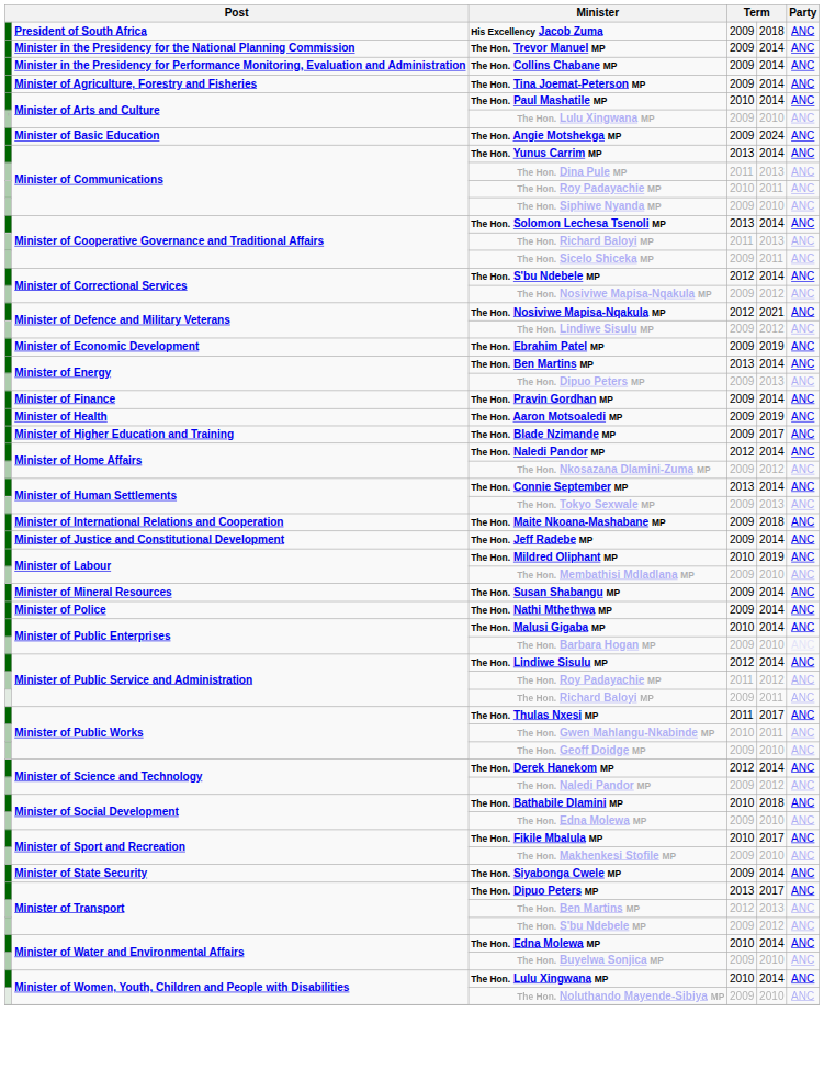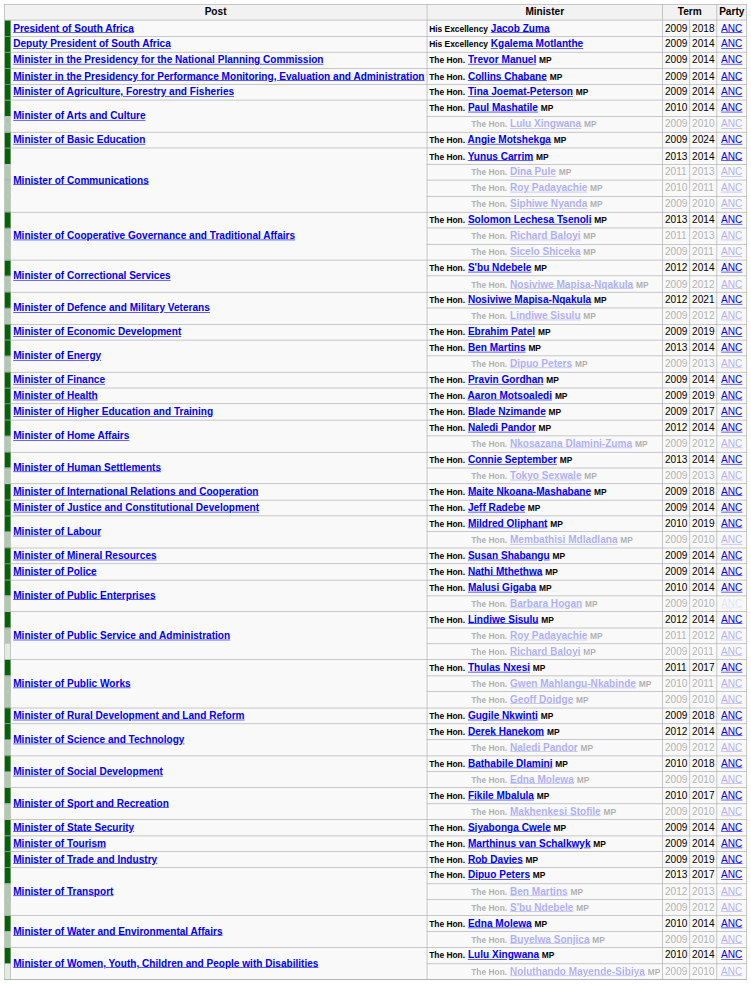 <table class="wikitable collapsible">
 <tr>
 <th colspan=2>Post</th>
 <th>Minister</th>
 <th colspan=2>Term</th>
 <th>Party</th>
 </tr>
 <tr>
 <td style="width:1px;; background:#006600;"></td>
 <td><strong><a href='#'>President of South Africa</a></strong></td>
 <td><strong><small>His Excellency</small> <a href='#'>Jacob Zuma</a></strong></td>
 <td>2009</td>
 <td align="center">2018</td>
+<td align="center"><a href='#'>ANC</a></td>
+</tr>
+<tr>
+<td style="width:1px;; background:#006600;"></td>
+<td><strong><a href='#'>Deputy President of South Africa</a></strong></td>
+<td><strong><small>His Excellency</small> <a href='#'>Kgalema Motlanthe</a></strong></td>
+<td>2009</td>
+<td>2014</td>
 <td align="center"><a href='#'>ANC</a></td>
 </tr>
 <tr>
 <td style="width:1px;; background:#006600;"></td>
 <td><strong><a href='#'>Minister in the Presidency for the National Planning Commission</a></strong></td>
 <td><strong><small>The Hon.</small> <a href='#'>Trevor Manuel</a> <small>MP</small></strong></td>
 <td>2009</td>
 <td>2014</td>
 <td align="center"><a href='#'>ANC</a></td>
 </tr>
 <tr>
 <td style="width:1px;; background:#006600;"></td>
 <td><strong><a href='#'>Minister in the Presidency for Performance Monitoring, Evaluation and Administration</a></strong></td>
 <td><strong><small>The Hon.</small> <a href='#'>Collins Chabane</a> <small>MP</small></strong></td>
 <td>2009</td>
 <td>2014</td>
 <td align="center"><a href='#'>ANC</a></td>
 </tr>
 <tr>
 <td style="width:1px;; background:#006600;"></td>
 <td><strong><a href='#'>Minister of Agriculture, Forestry and Fisheries</a></strong></td>
 <td><strong><small>The Hon.</small> <a href='#'>Tina Joemat-Peterson</a> <small>MP</small></strong></td>
 <td>2009</td>
 <td>2014</td>
 <td align="center"><a href='#'>ANC</a></td>
 </tr>
 <tr>
 <td style="width:1px;; background:#006600;"></td>
 <td rowspan=2><strong><a href='#'>Minister of Arts and Culture</a></strong></td>
 <td><strong><small>The Hon.</small> <a href='#'>Paul Mashatile</a> <small>MP</small></strong></td>
 <td>2010</td>
 <td>2014</td>
 <td align="center"><a href='#'>ANC</a></td>
 </tr>
 <tr style="opacity:.3;">
 <td style="width:1px; border-width:0px; background:#006600;border-color:10px solid white">'</td>
 <td style="padding-left:70px"><strong><small>The Hon.</small> <a href='#'>Lulu Xingwana</a> <small>MP</small></strong></td>
 <td>2009</td>
 <td>2010</td>
 <td align="center"><a href='#'>ANC</a></td>
 </tr>
 <tr>
 <td style="width:1px;; background:#006600;"></td>
 <td><strong><a href='#'>Minister of Basic Education</a></strong></td>
 <td><strong><small>The Hon.</small> <a href='#'>Angie Motshekga</a> <small>MP</small></strong></td>
 <td>2009</td>
 <td align="center">2024</td>
 <td align="center"><a href='#'>ANC</a></td>
 </tr>
 <tr>
 <td style="width:1px;; background:#006600;"></td>
 <td rowspan=4><strong><a href='#'>Minister of Communications</a></strong></td>
 <td><strong><small>The Hon.</small> <a href='#'>Yunus Carrim</a> <small>MP</small></strong></td>
 <td>2013</td>
 <td>2014</td>
 <td align="center"><a href='#'>ANC</a></td>
 </tr>
 <tr style="opacity:.3;">
 <td style="width:1px;; background:#006600;"></td>
 <td style="padding-left:70px"><strong><small>The Hon.</small> <a href='#'>Dina Pule</a> <small>MP</small></strong></td>
 <td>2011</td>
 <td>2013</td>
 <td align="center"><a href='#'>ANC</a></td>
 </tr>
 <tr style="opacity:.3;">
 <td style="width:1px;; background:#006600;"></td>
 <td style="padding-left:70px"><strong><small>The Hon.</small> <a href='#'>Roy Padayachie</a> <small>MP</small></strong></td>
 <td>2010</td>
 <td>2011</td>
 <td align="center"><a href='#'>ANC</a></td>
 </tr>
 <tr style="opacity:.3;">
 <td style="width:1px; background:#006600;"></td>
 <td style="padding-left:70px"><strong><small>The Hon.</small> <a href='#'>Siphiwe Nyanda</a> <small>MP</small></strong></td>
 <td>2009</td>
 <td>2010</td>
 <td align="center"><a href='#'>ANC</a></td>
 </tr>
 <tr>
 <td style="width:1px;; background:#006600;"></td>
 <td rowspan=3><strong><a href='#'>Minister of Cooperative Governance and Traditional Affairs</a></strong></td>
 <td><strong><small>The Hon.</small> <a href='#'>Solomon Lechesa Tsenoli</a> <small>MP</small></strong></td>
 <td>2013</td>
 <td>2014</td>
 <td align="center"><a href='#'>ANC</a></td>
 </tr>
 <tr style="opacity:.3;">
 <td style="width:1px;; background:#006600;"></td>
 <td style="padding-left:70px"><strong><small>The Hon.</small> <a href='#'>Richard Baloyi</a> <small>MP</small></strong></td>
 <td>2011</td>
 <td>2013</td>
 <td align="center"><a href='#'>ANC</a></td>
 </tr>
 <tr style="opacity:.3;">
 <td style="width:1px;; background:#006600;"></td>
 <td style="padding-left:70px"><strong><small>The Hon.</small> <a href='#'>Sicelo Shiceka</a> <small>MP</small></strong></td>
 <td>2009</td>
 <td>2011</td>
 <td align="center"><a href='#'>ANC</a></td>
 </tr>
 <tr>
 <td style="width:1px;; background:#006600;"></td>
 <td rowspan=2><strong><a href='#'>Minister of Correctional Services</a></strong></td>
 <td><strong><small>The Hon.</small> <a href='#'>S'bu Ndebele</a> <small>MP</small></strong></td>
 <td>2012</td>
 <td>2014</td>
 <td align="center"><a href='#'>ANC</a></td>
 </tr>
 <tr style="opacity:.3;">
 <td style="width:1px;; background:#006600;"></td>
 <td style="padding-left:70px"><strong><small>The Hon.</small> <a href='#'>Nosiviwe Mapisa-Nqakula</a> <small>MP</small></strong></td>
 <td>2009</td>
 <td>2012</td>
 <td align="center"><a href='#'>ANC</a></td>
 </tr>
 <tr>
 <td style="width:1px;; background:#006600;"></td>
 <td rowspan=2><strong><a href='#'>Minister of Defence and Military Veterans</a></strong></td>
 <td><strong><small>The Hon.</small> <a href='#'>Nosiviwe Mapisa-Nqakula</a> <small>MP</small></strong></td>
 <td>2012</td>
 <td align="center">2021</td>
 <td align="center"><a href='#'>ANC</a></td>
 </tr>
 <tr style="opacity:.3;">
 <td style="width:1px;; background:#006600;"></td>
 <td style="padding-left:70px"><strong><small>The Hon.</small> <a href='#'>Lindiwe Sisulu</a> <small>MP</small></strong></td>
 <td>2009</td>
 <td>2012</td>
 <td align="center"><a href='#'>ANC</a></td>
 </tr>
 <tr>
 <td style="width:1px;; background:#006600;"></td>
 <td><strong><a href='#'>Minister of Economic Development</a></strong></td>
 <td><strong><small>The Hon.</small> <a href='#'>Ebrahim Patel</a> <small>MP</small></strong></td>
 <td>2009</td>
 <td align="center">2019</td>
 <td align="center"><a href='#'>ANC</a></td>
 </tr>
 <tr>
 <td style="width:1px;; background:#006600;"></td>
 <td rowspan=2><strong><a href='#'>Minister of Energy</a></strong></td>
 <td><strong><small>The Hon.</small> <a href='#'>Ben Martins</a> <small>MP</small></strong></td>
 <td>2013</td>
 <td>2014</td>
 <td align="center"><a href='#'>ANC</a></td>
 </tr>
 <tr style="opacity:.3;">
 <td style="width:1px;; background:#006600;"></td>
 <td style="padding-left:70px"><strong><small>The Hon.</small> <a href='#'>Dipuo Peters</a> <small>MP</small></strong></td>
 <td>2009</td>
 <td>2013</td>
 <td align="center"><a href='#'>ANC</a></td>
 </tr>
 <tr>
 <td style="width:1px;; background:#006600;"></td>
 <td><strong><a href='#'>Minister of Finance</a></strong></td>
 <td><strong><small>The Hon.</small> <a href='#'>Pravin Gordhan</a> <small>MP</small></strong></td>
 <td>2009</td>
 <td>2014</td>
 <td align="center"><a href='#'>ANC</a></td>
 </tr>
 <tr>
 <td style="width:1px;; background:#006600;"></td>
 <td><strong><a href='#'>Minister of Health</a></strong></td>
 <td><strong><small>The Hon.</small> <a href='#'>Aaron Motsoaledi</a> <small>MP</small></strong></td>
 <td>2009</td>
 <td align="center">2019</td>
 <td align="center"><a href='#'>ANC</a></td>
 </tr>
 <tr>
 <td style="width:1px;; background:#006600;"></td>
 <td><strong><a href='#'>Minister of Higher Education and Training</a></strong></td>
 <td><strong><small>The Hon.</small> <a href='#'>Blade Nzimande</a> <small>MP</small></strong></td>
 <td>2009</td>
 <td align="center">2017</td>
 <td align="center"><a href='#'>ANC</a></td>
 </tr>
 <tr>
 <td style="width:1px;; background:#006600;"></td>
 <td rowspan=2><strong><a href='#'>Minister of Home Affairs</a></strong></td>
 <td><strong><small>The Hon.</small> <a href='#'>Naledi Pandor</a> <small>MP</small></strong></td>
 <td>2012</td>
 <td>2014</td>
 <td align="center"><a href='#'>ANC</a></td>
 </tr>
 <tr style="opacity:.3;">
 <td style="width:1px;; background:#006600;"></td>
 <td style="padding-left:70px"><strong><small>The Hon.</small> <a href='#'>Nkosazana Dlamini-Zuma</a> <small>MP</small></strong></td>
 <td>2009</td>
 <td>2012</td>
 <td align="center"><a href='#'>ANC</a></td>
 </tr>
 <tr>
 <td style="width:1px;; background:#006600;"></td>
 <td rowspan=2><strong><a href='#'>Minister of Human Settlements</a></strong></td>
 <td><strong><small>The Hon.</small> <a href='#'>Connie September</a> <small>MP</small></strong></td>
 <td>2013</td>
 <td>2014</td>
 <td align="center"><a href='#'>ANC</a></td>
 </tr>
 <tr style="opacity:.3;">
 <td style="width:1px;; background:#006600;"></td>
 <td style="padding-left:70px"><strong><small>The Hon.</small> <a href='#'>Tokyo Sexwale</a> <small>MP</small></strong></td>
 <td>2009</td>
 <td>2013</td>
 <td align="center"><a href='#'>ANC</a></td>
 </tr>
 <tr>
 <td style="width:1px;; background:#006600;"></td>
 <td><strong><a href='#'>Minister of International Relations and Cooperation</a></strong></td>
 <td><strong><small>The Hon.</small> <a href='#'>Maite Nkoana-Mashabane</a> <small>MP</small></strong></td>
 <td>2009</td>
 <td align="center">2018</td>
 <td align="center"><a href='#'>ANC</a></td>
 </tr>
 <tr>
 <td style="width:1px;; background:#006600;"></td>
 <td><strong><a href='#'>Minister of Justice and Constitutional Development</a></strong></td>
 <td><strong><small>The Hon.</small> <a href='#'>Jeff Radebe</a> <small>MP</small></strong></td>
 <td>2009</td>
 <td>2014</td>
 <td align="center"><a href='#'>ANC</a></td>
 </tr>
 <tr>
 <td style="width:1px;; background:#006600;"></td>
 <td rowspan=2><strong><a href='#'>Minister of Labour</a></strong></td>
 <td><strong><small>The Hon.</small> <a href='#'>Mildred Oliphant</a> <small>MP</small></strong></td>
 <td>2010</td>
 <td align="center">2019</td>
 <td align="center"><a href='#'>ANC</a></td>
 </tr>
 <tr style="opacity:.3;">
 <td style="width:1px; background:#006600;"></td>
 <td style="padding-left:70px"><strong><small>The Hon.</small> <a href='#'>Membathisi Mdladlana</a> <small>MP</small></strong></td>
 <td>2009</td>
 <td>2010</td>
 <td align="center"><a href='#'>ANC</a></td>
 </tr>
 <tr>
 <td style="width:1px;; background:#006600;"></td>
 <td><strong><a href='#'>Minister of Mineral Resources</a></strong></td>
 <td><strong><small>The Hon.</small> <a href='#'>Susan Shabangu</a> <small>MP</small></strong></td>
 <td>2009</td>
 <td>2014</td>
 <td align="center"><a href='#'>ANC</a></td>
 </tr>
 <tr>
 <td style="width:1px;; background:#006600;"></td>
 <td><strong><a href='#'>Minister of Police</a></strong></td>
 <td><strong><small>The Hon.</small> <a href='#'>Nathi Mthethwa</a> <small>MP</small></strong></td>
 <td>2009</td>
 <td>2014</td>
 <td align="center"><a href='#'>ANC</a></td>
 </tr>
 <tr>
 <td style="width:1px;; background:#006600;"></td>
 <td rowspan=2><strong><a href='#'>Minister of Public Enterprises</a></strong></td>
 <td><strong><small>The Hon.</small> <a href='#'>Malusi Gigaba</a> <small>MP</small></strong></td>
 <td>2010</td>
 <td>2014</td>
 <td align="center"><a href='#'>ANC</a></td>
 </tr>
 <tr style="opacity:.3;">
 <td style="width:1px;; background:#006600;"></td>
 <td style="padding-left:70px"><strong><small>The Hon.</small> <a href='#'>Barbara Hogan</a> <small>MP</small></strong></td>
 <td>2009</td>
 <td>2010</td>
 <td style="opacity:.3;" align="center"><a href='#'>ANC</a></td>
 </tr>
 <tr>
 <td style="width:1px;; background:#006600;"></td>
 <td rowspan=3><strong><a href='#'>Minister of Public Service and Administration</a></strong></td>
 <td><strong><small>The Hon.</small> <a href='#'>Lindiwe Sisulu</a> <small>MP</small></strong></td>
 <td>2012</td>
 <td>2014</td>
 <td align="center"><a href='#'>ANC</a></td>
 </tr>
 <tr style="opacity:.3;">
 <td style="width:1px;; background:#006600;"></td>
 <td style="padding-left:70px"><strong><small>The Hon.</small> <a href='#'>Roy Padayachie</a> <small>MP</small></strong></td>
 <td>2011</td>
 <td>2012</td>
 <td align="center"><a href='#'>ANC</a></td>
 </tr>
 <tr style="opacity:.3;">
 <td style="opacity:.3; width:1px;; background:#006600;"></td>
 <td style="padding-left:70px"><strong><small>The Hon.</small> <a href='#'>Richard Baloyi</a> <small>MP</small></strong></td>
 <td>2009</td>
 <td>2011</td>
 <td align="center"><a href='#'>ANC</a></td>
 </tr>
 <tr>
 <td style="width:1px;; background:#006600;"></td>
 <td rowspan=3><strong><a href='#'>Minister of Public Works</a></strong></td>
 <td><strong><small>The Hon.</small> <a href='#'>Thulas Nxesi</a> <small>MP</small></strong></td>
 <td>2011</td>
 <td align="center">2017</td>
 <td align="center"><a href='#'>ANC</a></td>
 </tr>
 <tr style="opacity:.3;">
 <td style="width:1px;; background:#006600;"></td>
 <td style="padding-left:70px"><strong><small>The Hon.</small> <a href='#'>Gwen Mahlangu-Nkabinde</a> <small>MP</small></strong></td>
 <td>2010</td>
 <td>2011</td>
 <td align="center"><a href='#'>ANC</a></td>
 </tr>
 <tr style="opacity:.3;">
 <td style="width:1px;; background:#006600;"></td>
 <td style="padding-left:70px"><strong><small>The Hon.</small> <a href='#'>Geoff Doidge</a> <small>MP</small></strong></td>
 <td>2009</td>
 <td>2010</td>
 <td align="center"><a href='#'>ANC</a></td>
 </tr>
 <tr>
 <td style="width:1px;; background:#006600;"></td>
+<td><strong><a href='#'>Minister of Rural Development and Land Reform</a></strong></td>
+<td><strong><small>The Hon.</small> <a href='#'>Gugile Nkwinti</a> <small>MP</small></strong></td>
+<td>2009</td>
+<td align="center">2018</td>
+<td align="center"><a href='#'>ANC</a></td>
+</tr>
+<tr>
+<td style="width:1px;; background:#006600;"></td>
 <td rowspan=2><strong><a href='#'>Minister of Science and Technology</a></strong></td>
 <td><strong><small>The Hon.</small> <a href='#'>Derek Hanekom</a> <small>MP</small></strong></td>
 <td>2012</td>
 <td>2014</td>
 <td align="center"><a href='#'>ANC</a></td>
 </tr>
 <tr style="opacity:.3;">
 <td style="width:1px;; background:#006600;"></td>
 <td style="padding-left:70px"><strong><small>The Hon.</small> <a href='#'>Naledi Pandor</a> <small>MP</small></strong></td>
 <td>2009</td>
 <td>2012</td>
 <td align="center"><a href='#'>ANC</a></td>
 </tr>
 <tr>
 <td style="width:1px;; background:#006600;"></td>
 <td rowspan=2><strong><a href='#'>Minister of Social Development</a></strong></td>
 <td><strong><small>The Hon.</small> <a href='#'>Bathabile Dlamini</a> <small>MP</small></strong></td>
 <td>2010</td>
 <td align="center">2018</td>
 <td align="center"><a href='#'>ANC</a></td>
 </tr>
 <tr style="opacity:.3;">
 <td style="width:1px;; background:#006600;"></td>
 <td style="padding-left:70px"><strong><small>The Hon.</small> <a href='#'>Edna Molewa</a> <small>MP</small></strong></td>
 <td>2009</td>
 <td>2010</td>
 <td align="center"><a href='#'>ANC</a></td>
 </tr>
 <tr>
 <td style="width:1px;; background:#006600;"></td>
 <td rowspan=2><strong><a href='#'>Minister of Sport and Recreation</a></strong></td>
 <td><strong><small>The Hon.</small> <a href='#'>Fikile Mbalula</a> <small>MP</small></strong></td>
 <td>2010</td>
 <td align="center">2017</td>
 <td align="center"><a href='#'>ANC</a></td>
 </tr>
 <tr style="opacity:.3;">
 <td style="width:1px; background:#006600;"></td>
 <td style="padding-left:70px"><strong><small>The Hon.</small> <a href='#'>Makhenkesi Stofile</a> <small>MP</small></strong></td>
 <td>2009</td>
 <td>2010</td>
 <td align="center"><a href='#'>ANC</a></td>
 </tr>
 <tr>
 <td style="width:1px;; background:#006600;"></td>
 <td><strong><a href='#'>Minister of State Security</a></strong></td>
 <td><strong><small>The Hon.</small> <a href='#'>Siyabonga Cwele</a> <small>MP</small></strong></td>
 <td>2009</td>
 <td>2014</td>
+<td align="center"><a href='#'>ANC</a></td>
+</tr>
+<tr>
+<td style="width:1px;; background:#006600;"></td>
+<td><strong><a href='#'>Minister of Tourism</a></strong></td>
+<td><strong><small>The Hon.</small> <a href='#'>Marthinus van Schalkwyk</a> <small>MP</small></strong></td>
+<td>2009</td>
+<td>2014</td>
+<td align="center"><a href='#'>ANC</a></td>
+</tr>
+<tr>
+<td style="width:1px;; background:#006600;"></td>
+<td><strong><a href='#'>Minister of Trade and Industry</a></strong></td>
+<td><strong><small>The Hon.</small> <a href='#'>Rob Davies</a> <small>MP</small></strong></td>
+<td>2009</td>
+<td align="center">2019</td>
 <td align="center"><a href='#'>ANC</a></td>
 </tr>
 <tr>
 <td style="width:1px;; background:#006600;"></td>
 <td rowspan=3><strong><a href='#'>Minister of Transport</a></strong></td>
 <td><strong><small>The Hon.</small> <a href='#'>Dipuo Peters</a> <small>MP</small></strong></td>
 <td>2013</td>
 <td align="center">2017</td>
 <td align="center"><a href='#'>ANC</a></td>
 </tr>
 <tr style="opacity:.3;">
 <td style="width:1px;; background:#006600;"></td>
 <td style="padding-left:70px"><strong><small>The Hon.</small> <a href='#'>Ben Martins</a> <small>MP</small></strong></td>
 <td>2012</td>
 <td>2013</td>
 <td align="center"><a href='#'>ANC</a></td>
 </tr>
 <tr style="opacity:.3;">
 <td style="width:1px;; background:#006600;"></td>
 <td style="padding-left:70px"><strong><small>The Hon.</small> <a href='#'>S'bu Ndebele</a> <small>MP</small></strong></td>
 <td>2009</td>
 <td>2012</td>
 <td align="center"><a href='#'>ANC</a></td>
 </tr>
 <tr>
 <td style="width:1px;; background:#006600;"></td>
 <td rowspan=2><strong><a href='#'>Minister of Water and Environmental Affairs</a></strong></td>
 <td><strong><small>The Hon.</small> <a href='#'>Edna Molewa</a> <small>MP</small></strong></td>
 <td>2010</td>
 <td>2014</td>
 <td align="center"><a href='#'>ANC</a></td>
 </tr>
 <tr style="opacity:.3;">
 <td style="width:1px;; background:#006600;"></td>
 <td style="padding-left:70px"><strong><small>The Hon.</small> <a href='#'>Buyelwa Sonjica</a> <small>MP</small></strong></td>
 <td>2009</td>
 <td>2010</td>
 <td align="center"><a href='#'>ANC</a></td>
 </tr>
 <tr>
 <td style="width:1px;; background:#006600;"></td>
 <td rowspan=2><strong><a href='#'>Minister of Women, Youth, Children and People with Disabilities</a></strong></td>
 <td><strong><small>The Hon.</small> <a href='#'>Lulu Xingwana</a> <small>MP</small></strong></td>
 <td>2010</td>
 <td>2014</td>
 <td align="center"><a href='#'>ANC</a></td>
 </tr>
 <tr style="opacity:.3;">
 <td style="opacity:.3; width:1px;; background:#006600;"></td>
 <td style="padding-left:70px"><strong><small>The Hon.</small> <a href='#'>Noluthando Mayende-Sibiya</a> <small>MP</small></strong></td>
 <td>2009</td>
 <td>2010</td>
 <td align="center"><a href='#'>ANC</a></td>
 </tr>
 <tr>
 </tr>
 </table>
